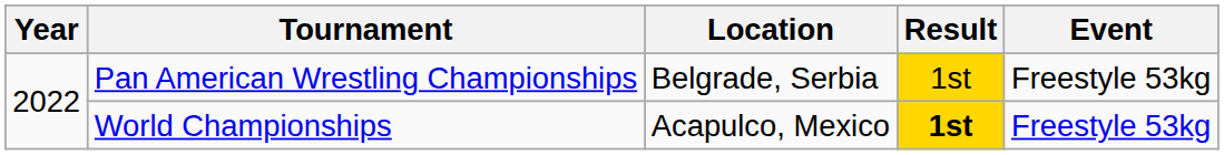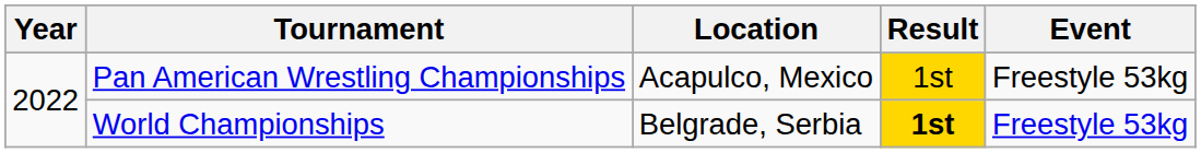 <table class="wikitable" style="font-size:95%;">
 <tr>
 <th>Year</th>
 <th>Tournament</th>
 <th>Location</th>
 <th>Result</th>
 <th>Event</th>
 </tr>
 <tr>
 <td rowspan=2>2022</td>
 <td><a href='#'>Pan American Wrestling Championships</a></td>
-<td>Belgrade, Serbia</td>
+<td>Acapulco, Mexico</td>
 <td align="center" bgcolor="gold">1st</td>
 <td>Freestyle 53kg</td>
 </tr>
 <tr>
 <td><a href='#'>World Championships</a></td>
-<td>Acapulco, Mexico</td>
+<td>Belgrade, Serbia</td>
 <td align="center" bgcolor="gold"><strong>1st</strong></td>
 <td><a href='#'>Freestyle 53kg</a></td>
 </tr>
 </table>
